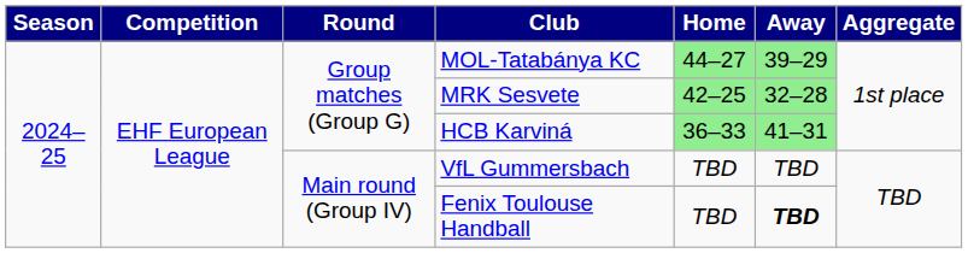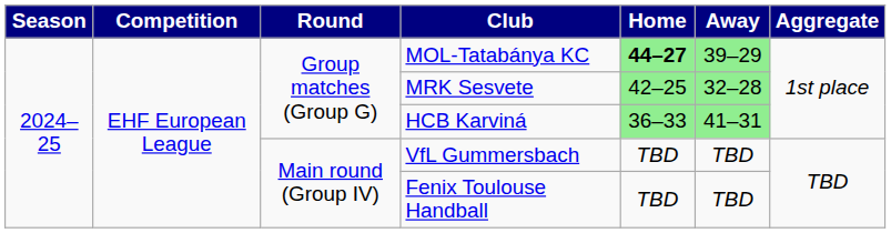 <table class="wikitable" style="text-align: center">
 <tr>
 <th style="color:#FFFFFF; background:#000080"; width=60>Season</th>
 <th style="color:#FFFFFF; background:#000080"; width=120>Competition</th>
 <th style="color:#FFFFFF; background:#000080"; width=100>Round</th>
 <th style="color:#FFFFFF; background:#000080"; width=160>Club</th>
 <th style="color:#FFFFFF; background:#000080"; width=50>Home</th>
 <th style="color:#FFFFFF; background:#000080"; width=50>Away</th>
 <th style="color:#FFFFFF; background:#000080"; width=80>Aggregate</th>
 </tr>
 <tr>
 <td rowspan="5"><a href='#'>2024–25</a></td>
 <td rowspan="5"><a href='#'>EHF European League</a></td>
 <td rowspan="3" style="text-align:center;"><a href='#'>Group matches</a> (Group G)</td>
 <td style="text-align:left"> <a href='#'>MOL-Tatabánya KC</a></td>
-<td style="text-align:center; background:lightgreen;">44–27</td>
+<td style="text-align:center; background:lightgreen;"><strong>44–27</strong></td>
 <td style="text-align:center; background:lightgreen;">39–29</td>
 <td rowspan="3" style="text-align:center;"><em>1st place</em></td>
 </tr>
 <tr>
 <td style="text-align:left"> <a href='#'>MRK Sesvete</a></td>
 <td style="text-align:center; background:lightgreen;">42–25</td>
 <td style="text-align:center; background:lightgreen;">32–28</td>
 </tr>
 <tr>
 <td style="text-align:left"> <a href='#'>HCB Karviná</a></td>
 <td style="text-align:center; background:lightgreen;">36–33</td>
 <td style="text-align:center; background:lightgreen;">41–31</td>
 </tr>
 <tr>
 <td rowspan="2" style="text-align:center;"><a href='#'>Main round</a><br>(Group IV)</td>
 <td style="text-align:left"> <a href='#'>VfL Gummersbach</a></td>
 <td style="text-align:center"><em>TBD</em></td>
 <td style="text-align:center"><em>TBD</em></td>
 <td rowspan="2" style="text-align:center;"><em>TBD</em></td>
 </tr>
 <tr>
 <td style="text-align:left"> <a href='#'>Fenix Toulouse Handball</a></td>
 <td style="text-align:center"><em>TBD</em></td>
-<td style="text-align:center"><strong><em>TBD</em></strong></td>
+<td style="text-align:center"><em>TBD</em></td>
 </tr>
 </table>
